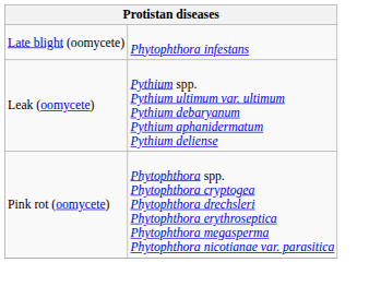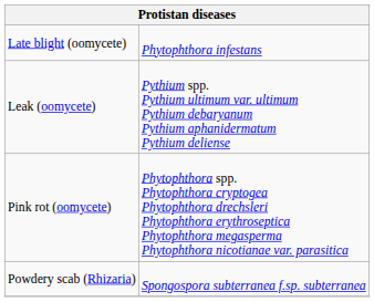 <table class="wikitable" style="clear:left">
 <tr>
 <th colspan=2><strong>Protistan diseases</strong><br></th>
 </tr>
 <tr>
 <td><a href='#'>Late blight</a> (oomycete)</td>
 <td><br><em><a href='#'>Phytophthora infestans</a></em></td>
 </tr>
 <tr>
 <td>Leak (<a href='#'>oomycete</a>)</td>
 <td><br><em><a href='#'>Pythium</a></em> spp. <br> <em><a href='#'>Pythium ultimum var. ultimum</a></em><br>  <em><a href='#'>Pythium debaryanum</a></em> <br> <em><a href='#'>Pythium aphanidermatum</a></em><br> <em><a href='#'>Pythium deliense</a></em></td>
 </tr>
 <tr>
 <td>Pink rot (<a href='#'>oomycete</a>)</td>
 <td><br><em><a href='#'>Phytophthora</a></em> spp. <br> <em><a href='#'>Phytophthora cryptogea</a></em><br> <em><a href='#'>Phytophthora drechsleri</a></em><br> <em><a href='#'>Phytophthora erythroseptica</a></em><br> <em><a href='#'>Phytophthora megasperma</a></em><br> <em><a href='#'>Phytophthora nicotianae var. parasitica</a></em></td>
 </tr>
 <tr>
+<td>Powdery scab (<a href='#'>Rhizaria</a>)</td>
+<td><br><em><a href='#'>Spongospora subterranea f.sp. subterranea</a></em></td>
+</tr>
+<tr>
 </tr>
 </table>
